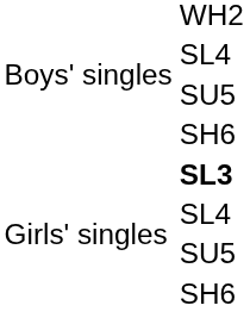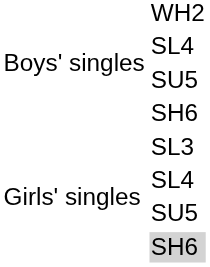 <table>
 <tr>
 <td rowspan=7>Boys' singles</td>
 <td rowspan=2>WH2</td>
 <td rowspan=2></td>
 <td rowspan=2></td>
 <td></td>
 </tr>
 <tr>
 <td></td>
 </tr>
 <tr>
 <td rowspan=2>SL4</td>
 <td rowspan=2></td>
 <td rowspan=2></td>
 <td></td>
 </tr>
 <tr>
 <td></td>
 </tr>
 <tr>
 <td rowspan=2>SU5</td>
 <td rowspan=2></td>
 <td rowspan=2></td>
 <td></td>
 </tr>
 <tr>
 <td></td>
 </tr>
 <tr>
 <td>SH6</td>
 <td></td>
 <td></td>
 <td></td>
 </tr>
 <tr>
 <td rowspan=7>Girls' singles</td>
-<td><strong>SL3</strong></td>
+<td>SL3</td>
 <td></td>
 <td></td>
 <td></td>
 </tr>
 <tr>
 <td>SL4</td>
 <td></td>
 <td></td>
 <td></td>
 </tr>
 <tr>
 <td rowspan=2>SU5</td>
 <td rowspan=2></td>
 <td rowspan=2></td>
 <td></td>
 </tr>
 <tr>
 <td></td>
 </tr>
 <tr>
-<td>SH6</td>
+<td style="background: lightgrey;">SH6</td>
 <td></td>
 <td></td>
 <td></td>
 </tr>
 </table>
